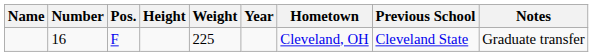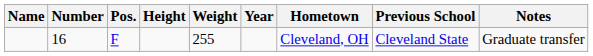 <table class="wikitable sortable">
 <tr>
 <th>Name</th>
 <th>Number</th>
 <th>Pos.</th>
 <th>Height</th>
 <th>Weight</th>
 <th>Year</th>
 <th>Hometown</th>
 <th class="unsortable">Previous School</th>
 <th class="unsortable">Notes</th>
 </tr>
 <tr>
 <td></td>
 <td>16</td>
 <td><a href='#'>F</a></td>
 <td></td>
-<td>225</td>
+<td>255</td>
 <td></td>
 <td><a href='#'>Cleveland, OH</a></td>
 <td><a href='#'>Cleveland State</a></td>
 <td>Graduate transfer</td>
 </tr>
 </table>
